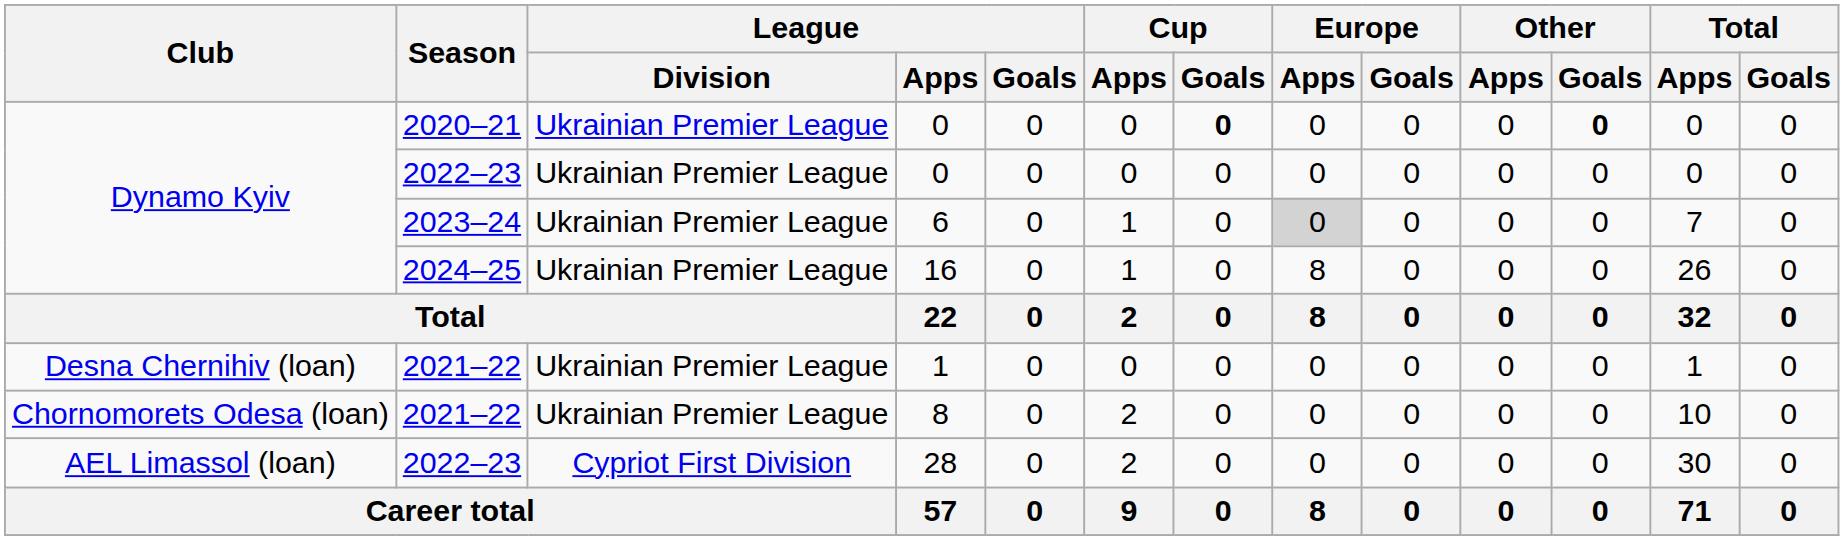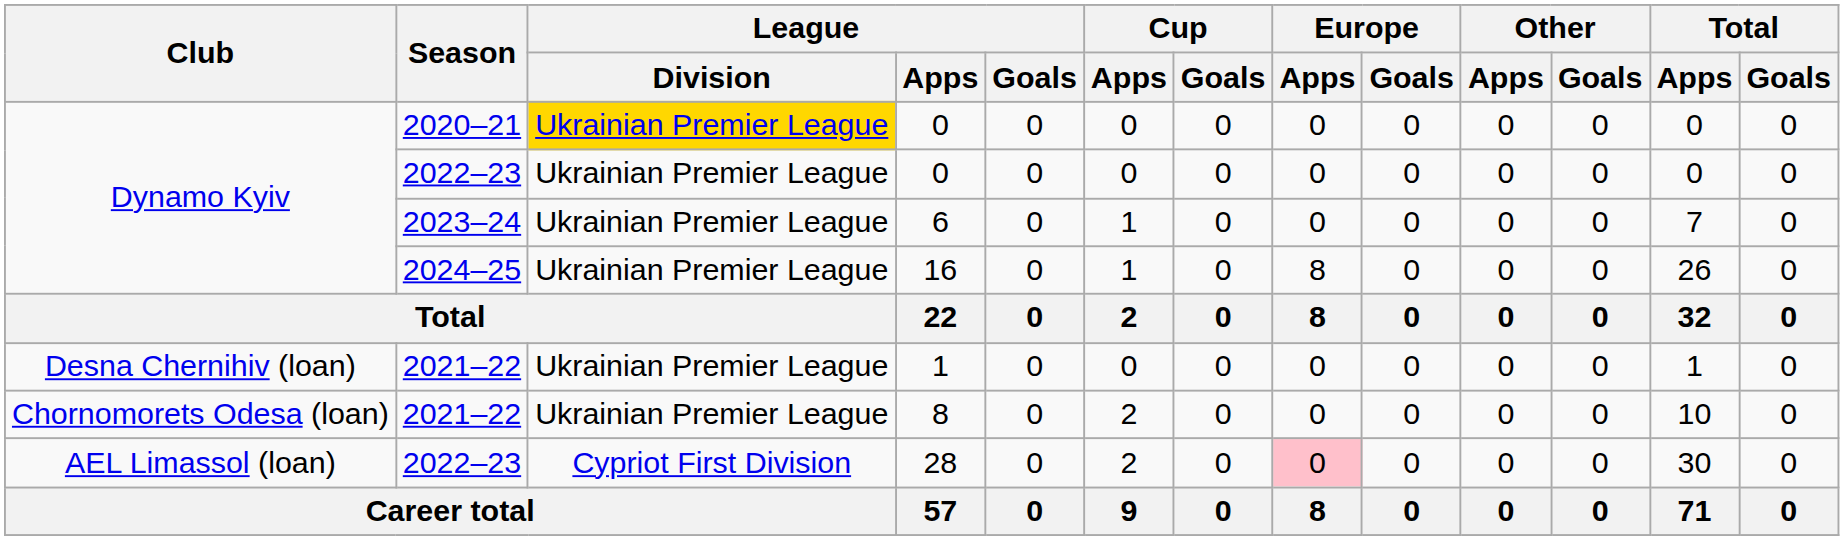 <table class="wikitable" style="text-align:center">
 <tr>
 <th rowspan="2">Club</th>
 <th rowspan="2">Season</th>
 <th colspan="3">League</th>
 <th colspan="2">Cup</th>
 <th colspan="2">Europe</th>
 <th colspan="2">Other</th>
 <th colspan="2">Total</th>
 </tr>
 <tr>
 <th>Division</th>
 <th>Apps</th>
 <th>Goals</th>
 <th>Apps</th>
 <th>Goals</th>
 <th>Apps</th>
 <th>Goals</th>
 <th>Apps</th>
 <th>Goals</th>
 <th>Apps</th>
 <th>Goals</th>
 </tr>
 <tr>
 <td rowspan="4"><a href='#'>Dynamo Kyiv</a></td>
 <td><a href='#'>2020–21</a></td>
-<td><a href='#'>Ukrainian Premier League</a></td>
+<td style="background: gold;"><a href='#'>Ukrainian Premier League</a></td>
 <td>0</td>
 <td>0</td>
 <td>0</td>
-<td><strong>0</strong></td>
 <td>0</td>
 <td>0</td>
 <td>0</td>
-<td><strong>0</strong></td>
+<td>0</td>
+<td>0</td>
 <td>0</td>
 <td>0</td>
 </tr>
 <tr>
 <td><a href='#'>2022–23</a></td>
 <td>Ukrainian Premier League</td>
 <td>0</td>
 <td>0</td>
 <td>0</td>
 <td>0</td>
 <td>0</td>
 <td>0</td>
 <td>0</td>
 <td>0</td>
 <td>0</td>
 <td>0</td>
 </tr>
 <tr>
 <td><a href='#'>2023–24</a></td>
 <td>Ukrainian Premier League</td>
 <td>6</td>
 <td>0</td>
 <td>1</td>
 <td>0</td>
-<td style="background: lightgrey;">0</td>
+<td>0</td>
 <td>0</td>
 <td>0</td>
 <td>0</td>
 <td>7</td>
 <td>0</td>
 </tr>
 <tr>
 <td><a href='#'>2024–25</a></td>
 <td>Ukrainian Premier League</td>
 <td>16</td>
 <td>0</td>
 <td>1</td>
 <td>0</td>
 <td>8</td>
 <td>0</td>
 <td>0</td>
 <td>0</td>
 <td>26</td>
 <td>0</td>
 </tr>
 <tr>
 <th colspan="3">Total</th>
 <th>22</th>
 <th>0</th>
 <th>2</th>
 <th>0</th>
 <th>8</th>
 <th>0</th>
 <th>0</th>
 <th>0</th>
 <th>32</th>
 <th>0</th>
 </tr>
 <tr>
 <td><a href='#'>Desna Chernihiv</a> (loan)</td>
 <td><a href='#'>2021–22</a></td>
 <td>Ukrainian Premier League</td>
 <td>1</td>
 <td>0</td>
 <td>0</td>
 <td>0</td>
 <td>0</td>
 <td>0</td>
 <td>0</td>
 <td>0</td>
 <td>1</td>
 <td>0</td>
 </tr>
 <tr>
 <td><a href='#'>Chornomorets Odesa</a> (loan)</td>
 <td><a href='#'>2021–22</a></td>
 <td>Ukrainian Premier League</td>
 <td>8</td>
 <td>0</td>
 <td>2</td>
 <td>0</td>
 <td>0</td>
 <td>0</td>
 <td>0</td>
 <td>0</td>
 <td>10</td>
 <td>0</td>
 </tr>
 <tr>
 <td><a href='#'>AEL Limassol</a> (loan)</td>
 <td><a href='#'>2022–23</a></td>
 <td><a href='#'>Cypriot First Division</a></td>
 <td>28</td>
 <td>0</td>
 <td>2</td>
 <td>0</td>
-<td>0</td>
+<td style="background: pink;">0</td>
 <td>0</td>
 <td>0</td>
 <td>0</td>
 <td>30</td>
 <td>0</td>
 </tr>
 <tr>
 <th colspan="3">Career total</th>
 <th>57</th>
 <th>0</th>
 <th>9</th>
 <th>0</th>
 <th>8</th>
 <th>0</th>
 <th>0</th>
 <th>0</th>
 <th>71</th>
 <th>0</th>
 </tr>
 </table>
